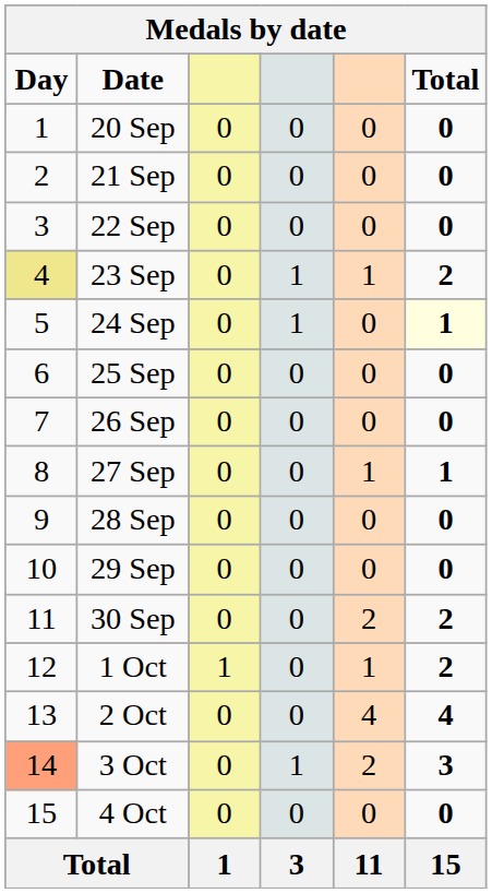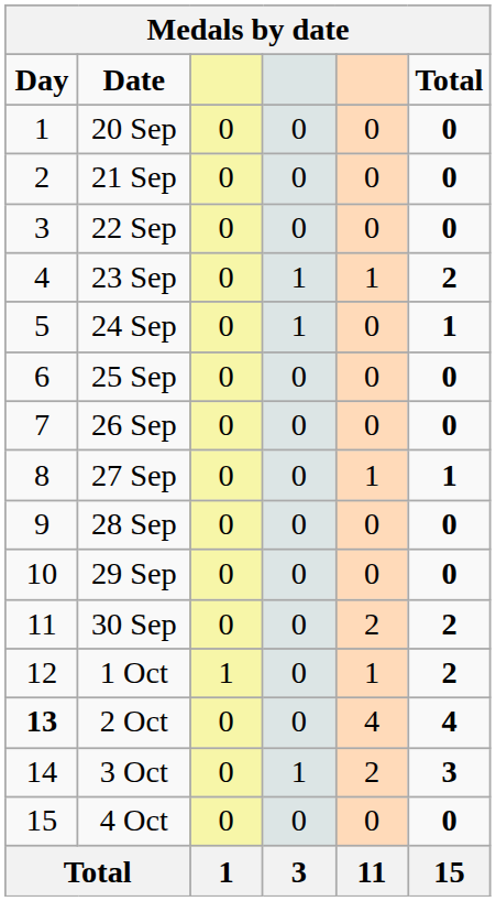 <table class="wikitable" style="font-size:100%; text-align:center">
 <tr style="background:#efefef;">
 <th colspan=6><strong>Medals by date</strong></th>
 </tr>
 <tr>
 <td width=30><strong>Day</strong></td>
 <td width=50><strong>Date</strong></td>
 <td width=30 style="background:#F7F6A8;"></td>
 <td width=30 style="background:#DCE5E5;"></td>
 <td width=30 style="background:#FFDAB9;"></td>
 <td width=30><strong>Total</strong></td>
 </tr>
 <tr>
 <td>1</td>
 <td>20 Sep</td>
 <td style="background:#F7F6A8;">0</td>
 <td style="background:#DCE5E5;">0</td>
 <td style="background:#FFDAB9;">0</td>
 <td><strong>0</strong></td>
 </tr>
 <tr>
 <td>2</td>
 <td>21 Sep</td>
 <td style="background:#F7F6A8;">0</td>
 <td style="background:#DCE5E5;">0</td>
 <td style="background:#FFDAB9;">0</td>
 <td><strong>0</strong></td>
 </tr>
 <tr>
 <td>3</td>
 <td>22 Sep</td>
 <td style="background:#F7F6A8;">0</td>
 <td style="background:#DCE5E5;">0</td>
 <td style="background:#FFDAB9;">0</td>
 <td><strong>0</strong></td>
 </tr>
 <tr>
-<td style="background: khaki;">4</td>
+<td>4</td>
 <td>23 Sep</td>
 <td style="background:#F7F6A8;">0</td>
 <td style="background:#DCE5E5;">1</td>
 <td style="background:#FFDAB9;">1</td>
 <td><strong>2</strong></td>
 </tr>
 <tr>
 <td>5</td>
 <td>24 Sep</td>
 <td style="background:#F7F6A8;">0</td>
 <td style="background:#DCE5E5;">1</td>
 <td style="background:#FFDAB9;">0</td>
-<td style="background: lightyellow;"><strong>1</strong></td>
+<td><strong>1</strong></td>
 </tr>
 <tr>
 <td>6</td>
 <td>25 Sep</td>
 <td style="background:#F7F6A8;">0</td>
 <td style="background:#DCE5E5;">0</td>
 <td style="background:#FFDAB9;">0</td>
 <td><strong>0</strong></td>
 </tr>
 <tr>
 <td>7</td>
 <td>26 Sep</td>
 <td style="background:#F7F6A8;">0</td>
 <td style="background:#DCE5E5;">0</td>
 <td style="background:#FFDAB9;">0</td>
 <td><strong>0</strong></td>
 </tr>
 <tr>
 <td>8</td>
 <td>27 Sep</td>
 <td style="background:#F7F6A8;">0</td>
 <td style="background:#DCE5E5;">0</td>
 <td style="background:#FFDAB9;">1</td>
 <td><strong>1</strong></td>
 </tr>
 <tr>
 <td>9</td>
 <td>28 Sep</td>
 <td style="background:#F7F6A8;">0</td>
 <td style="background:#DCE5E5;">0</td>
 <td style="background:#FFDAB9;">0</td>
 <td><strong>0</strong></td>
 </tr>
 <tr>
 <td>10</td>
 <td>29 Sep</td>
 <td style="background:#F7F6A8;">0</td>
 <td style="background:#DCE5E5;">0</td>
 <td style="background:#FFDAB9;">0</td>
 <td><strong>0</strong></td>
 </tr>
 <tr>
 <td>11</td>
 <td>30 Sep</td>
 <td style="background:#F7F6A8;">0</td>
 <td style="background:#DCE5E5;">0</td>
 <td style="background:#FFDAB9;">2</td>
 <td><strong>2</strong></td>
 </tr>
 <tr>
 <td>12</td>
 <td>1 Oct</td>
 <td style="background:#F7F6A8;">1</td>
 <td style="background:#DCE5E5;">0</td>
 <td style="background:#FFDAB9;">1</td>
 <td><strong>2</strong></td>
 </tr>
 <tr>
-<td>13</td>
+<td><strong>13</strong></td>
 <td>2 Oct</td>
 <td style="background:#F7F6A8;">0</td>
 <td style="background:#DCE5E5;">0</td>
 <td style="background:#FFDAB9;">4</td>
 <td><strong>4</strong></td>
 </tr>
 <tr>
-<td style="background: lightsalmon;">14</td>
+<td>14</td>
 <td>3 Oct</td>
 <td style="background:#F7F6A8;">0</td>
 <td style="background:#DCE5E5;">1</td>
 <td style="background:#FFDAB9;">2</td>
 <td><strong>3</strong></td>
 </tr>
 <tr>
 <td>15</td>
 <td>4 Oct</td>
 <td style="background:#F7F6A8;">0</td>
 <td style="background:#DCE5E5;">0</td>
 <td style="background:#FFDAB9;">0</td>
 <td><strong>0</strong></td>
 </tr>
 <tr>
 <th colspan="2"><strong>Total</strong></th>
 <th><strong>1</strong></th>
 <th><strong>3</strong></th>
 <th><strong>11</strong></th>
 <th><strong>15</strong></th>
 </tr>
 </table>
